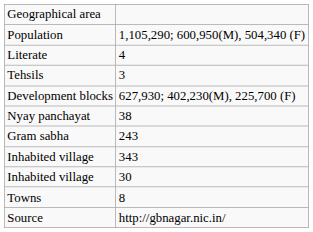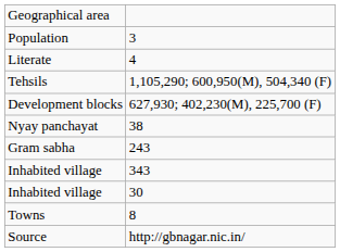 <table class="wikitable">
 <tr>
 <td>Geographical area</td>
 <td></td>
 </tr>
 <tr>
 <td>Population</td>
-<td>1,105,290; 600,950(M), 504,340 (F)</td>
+<td>3</td>
 </tr>
 <tr>
 <td>Literate</td>
 <td>4</td>
 </tr>
 <tr>
 <td>Tehsils</td>
-<td>3</td>
+<td>1,105,290; 600,950(M), 504,340 (F)</td>
 </tr>
 <tr>
 <td>Development blocks</td>
 <td>627,930; 402,230(M), 225,700 (F)</td>
 </tr>
 <tr>
 <td>Nyay panchayat</td>
 <td>38</td>
 </tr>
 <tr>
 <td>Gram sabha</td>
 <td>243</td>
 </tr>
 <tr>
 <td>Inhabited village</td>
 <td>343</td>
 </tr>
 <tr>
 <td>Inhabited village</td>
 <td>30</td>
 </tr>
 <tr>
 <td>Towns</td>
 <td>8</td>
 </tr>
 <tr>
 <td>Source</td>
 <td>http://gbnagar.nic.in/</td>
 </tr>
 </table>
